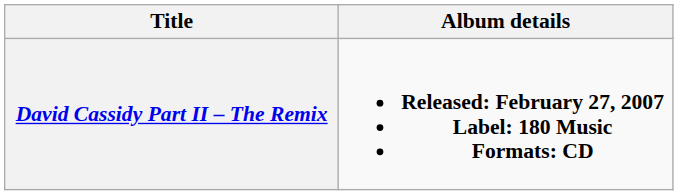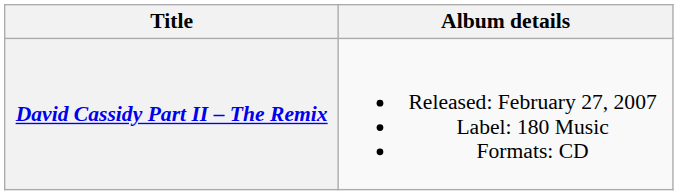 <table class="wikitable plainrowheaders" style="text-align:center;">
 <tr>
 <th scope="col" style="width:15em;">Title</th>
 <th scope="col" style="width:15em;">Album details</th>
 </tr>
 <tr>
 <th scope="row"><em><a href='#'>David Cassidy Part II – The Remix</a></em></th>
-<td><strong><br><ul><li>Released: February 27, 2007</li><li>Label: 180 Music</li><li>Formats: CD</li></ul></strong></td>
+<td><br><ul><li>Released: February 27, 2007</li><li>Label: 180 Music</li><li>Formats: CD</li></ul></td>
 </tr>
 </table>
